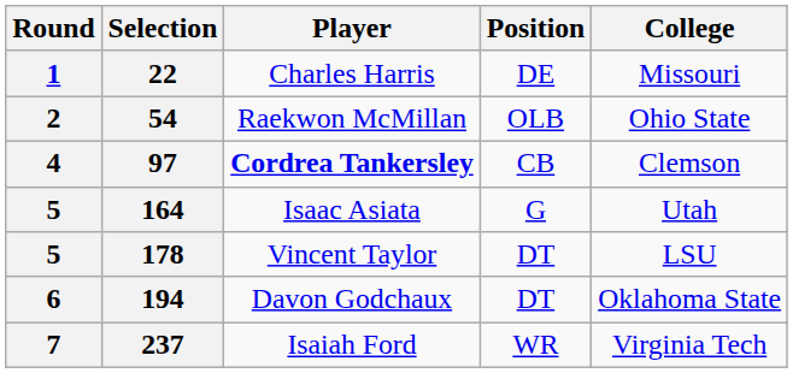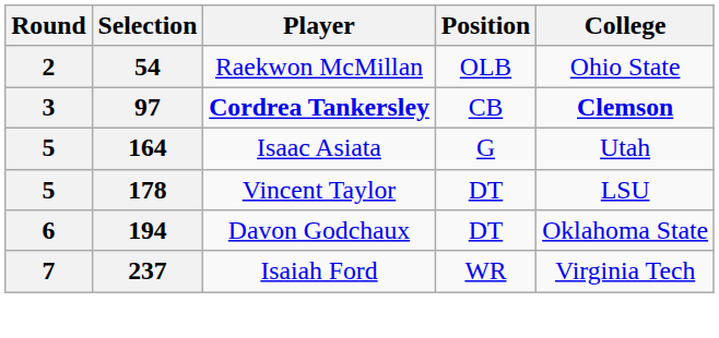 <table class="wikitable" style="text-align:center">
 <tr>
 <th>Round</th>
 <th>Selection</th>
 <th>Player</th>
 <th>Position</th>
 <th>College</th>
 </tr>
 <tr>
-<th><a href='#'>1</a></th>
-<th>22</th>
-<td><a href='#'>Charles Harris</a></td>
-<td><a href='#'>DE</a></td>
-<td><a href='#'>Missouri</a></td>
-</tr>
-<tr>
 <th>2</th>
 <th>54</th>
 <td><a href='#'>Raekwon McMillan</a></td>
 <td><a href='#'>OLB</a></td>
 <td><a href='#'>Ohio State</a></td>
 </tr>
 <tr>
-<th>4</th>
+<th>3</th>
 <th>97</th>
 <td><strong><a href='#'>Cordrea Tankersley</a></strong></td>
 <td><a href='#'>CB</a></td>
-<td><a href='#'>Clemson</a></td>
+<td><strong><a href='#'>Clemson</a></strong></td>
 </tr>
 <tr>
 <th>5</th>
 <th>164</th>
 <td><a href='#'>Isaac Asiata</a></td>
 <td><a href='#'>G</a></td>
 <td><a href='#'>Utah</a></td>
 </tr>
 <tr>
 <th>5</th>
 <th>178</th>
 <td><a href='#'>Vincent Taylor</a></td>
 <td><a href='#'>DT</a></td>
 <td><a href='#'>LSU</a></td>
 </tr>
 <tr>
 <th>6</th>
 <th>194</th>
 <td><a href='#'>Davon Godchaux</a></td>
 <td><a href='#'>DT</a></td>
 <td><a href='#'>Oklahoma State</a></td>
 </tr>
 <tr>
 <th>7</th>
 <th>237</th>
 <td><a href='#'>Isaiah Ford</a></td>
 <td><a href='#'>WR</a></td>
 <td><a href='#'>Virginia Tech</a></td>
 </tr>
 </table>
